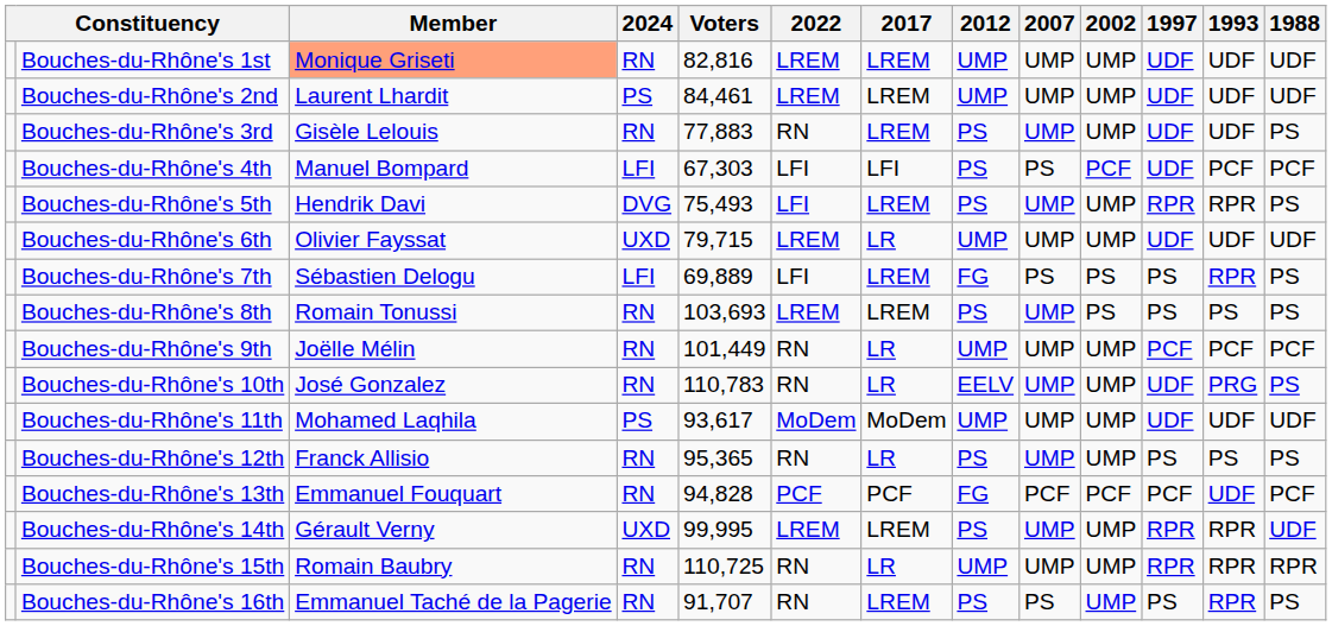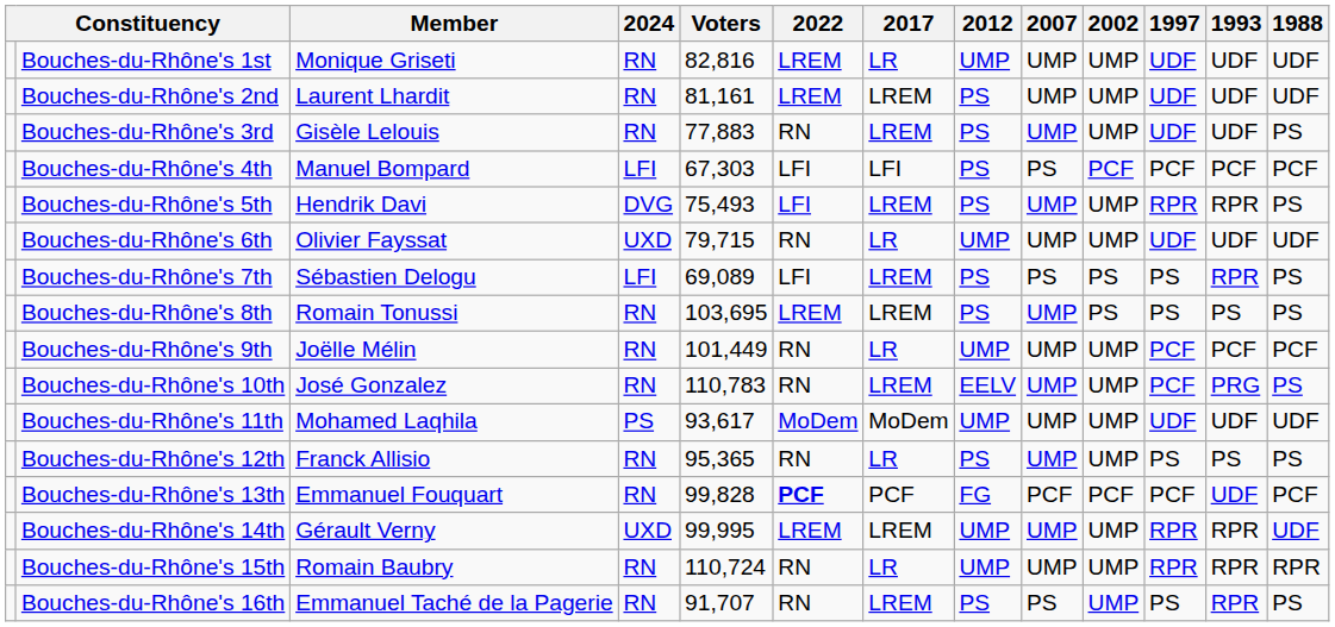 <table class="wikitable sortable">
 <tr>
 <th colspan="2">Constituency</th>
 <th>Member</th>
 <th>2024</th>
 <th>Voters</th>
 <th>2022</th>
 <th>2017</th>
 <th>2012</th>
 <th>2007</th>
 <th>2002</th>
 <th>1997</th>
 <th>1993</th>
 <th>1988</th>
 </tr>
 <tr>
 <td style="background-color: "></td>
 <td><a href='#'>Bouches-du-Rhône's 1st</a></td>
-<td style="background: lightsalmon;"><a href='#'>Monique Griseti</a></td>
+<td><a href='#'>Monique Griseti</a></td>
 <td><a href='#'>RN</a></td>
 <td>82,816</td>
 <td><a href='#'>LREM</a></td>
-<td><a href='#'>LREM</a></td>
+<td><a href='#'>LR</a></td>
 <td bgcolor=><a href='#'>UMP</a></td>
 <td bgcolor=>UMP</td>
 <td bgcolor=>UMP</td>
 <td bgcolor=><a href='#'>UDF</a></td>
 <td bgcolor=>UDF</td>
 <td bgcolor=>UDF</td>
 </tr>
 <tr>
 <td style="background-color: "></td>
 <td><a href='#'>Bouches-du-Rhône's 2nd</a></td>
 <td><a href='#'>Laurent Lhardit</a></td>
-<td bgcolor=><a href='#'>PS</a></td>
-<td>84,461</td>
+<td><a href='#'>RN</a></td>
+<td>81,161</td>
 <td><a href='#'>LREM</a></td>
 <td>LREM</td>
-<td bgcolor=><a href='#'>UMP</a></td>
+<td bgcolor=><a href='#'>PS</a></td>
 <td bgcolor=>UMP</td>
 <td bgcolor=>UMP</td>
 <td bgcolor=><a href='#'>UDF</a></td>
 <td bgcolor=>UDF</td>
 <td bgcolor=>UDF</td>
 </tr>
 <tr>
 <td style="background-color: "></td>
 <td><a href='#'>Bouches-du-Rhône's 3rd</a></td>
 <td><a href='#'>Gisèle Lelouis</a></td>
 <td><a href='#'>RN</a></td>
 <td>77,883</td>
 <td>RN</td>
 <td><a href='#'>LREM</a></td>
 <td bgcolor=><a href='#'>PS</a></td>
 <td bgcolor=><a href='#'>UMP</a></td>
 <td bgcolor=>UMP</td>
 <td bgcolor=><a href='#'>UDF</a></td>
 <td bgcolor=>UDF</td>
 <td bgcolor=>PS</td>
 </tr>
 <tr>
 <td style="background-color: "></td>
 <td><a href='#'>Bouches-du-Rhône's 4th</a></td>
 <td><a href='#'>Manuel Bompard</a></td>
 <td><a href='#'>LFI</a></td>
 <td>67,303</td>
 <td>LFI</td>
 <td>LFI</td>
 <td bgcolor=><a href='#'>PS</a></td>
 <td bgcolor=>PS</td>
 <td bgcolor=><a href='#'>PCF</a></td>
-<td bgcolor=><a href='#'>UDF</a></td>
+<td bgcolor=>PCF</td>
 <td bgcolor=>PCF</td>
 <td bgcolor=>PCF</td>
 </tr>
 <tr>
 <td style="background-color: "></td>
 <td><a href='#'>Bouches-du-Rhône's 5th</a></td>
 <td><a href='#'>Hendrik Davi</a></td>
 <td><a href='#'>DVG</a></td>
 <td>75,493</td>
 <td><a href='#'>LFI</a></td>
 <td><a href='#'>LREM</a></td>
 <td bgcolor=><a href='#'>PS</a></td>
 <td bgcolor=><a href='#'>UMP</a></td>
 <td bgcolor=>UMP</td>
 <td bgcolor=><a href='#'>RPR</a></td>
 <td bgcolor=>RPR</td>
 <td bgcolor=>PS</td>
 </tr>
 <tr>
 <td style="background-color: "></td>
 <td><a href='#'>Bouches-du-Rhône's 6th</a></td>
 <td><a href='#'>Olivier Fayssat</a></td>
 <td><a href='#'>UXD</a></td>
 <td>79,715</td>
-<td><a href='#'>LREM</a></td>
+<td>RN</td>
 <td><a href='#'>LR</a></td>
 <td bgcolor=><a href='#'>UMP</a></td>
 <td bgcolor=>UMP</td>
 <td bgcolor=>UMP</td>
 <td bgcolor=><a href='#'>UDF</a></td>
 <td bgcolor=>UDF</td>
 <td bgcolor=>UDF</td>
 </tr>
 <tr>
 <td style="background-color: "></td>
 <td><a href='#'>Bouches-du-Rhône's 7th</a></td>
 <td><a href='#'>Sébastien Delogu</a></td>
 <td><a href='#'>LFI</a></td>
-<td>69,889</td>
+<td>69,089</td>
 <td>LFI</td>
 <td><a href='#'>LREM</a></td>
-<td bgcolor=><a href='#'>FG</a></td>
+<td bgcolor=><a href='#'>PS</a></td>
 <td bgcolor=>PS</td>
 <td bgcolor=>PS</td>
 <td bgcolor=>PS</td>
 <td bgcolor=><a href='#'>RPR</a></td>
 <td bgcolor=>PS</td>
 </tr>
 <tr>
 <td style="background-color: "></td>
 <td><a href='#'>Bouches-du-Rhône's 8th</a></td>
 <td><a href='#'>Romain Tonussi</a></td>
 <td><a href='#'>RN</a></td>
-<td>103,693</td>
+<td>103,695</td>
 <td><a href='#'>LREM</a></td>
 <td>LREM</td>
 <td bgcolor=><a href='#'>PS</a></td>
 <td bgcolor=><a href='#'>UMP</a></td>
 <td bgcolor=>PS</td>
 <td bgcolor=>PS</td>
 <td bgcolor=>PS</td>
 <td bgcolor=>PS</td>
 </tr>
 <tr>
 <td style="background-color: "></td>
 <td><a href='#'>Bouches-du-Rhône's 9th</a></td>
 <td><a href='#'>Joëlle Mélin</a></td>
 <td><a href='#'>RN</a></td>
 <td>101,449</td>
 <td>RN</td>
 <td><a href='#'>LR</a></td>
 <td bgcolor=><a href='#'>UMP</a></td>
 <td bgcolor=>UMP</td>
 <td bgcolor=>UMP</td>
 <td bgcolor=><a href='#'>PCF</a></td>
 <td bgcolor=>PCF</td>
 <td bgcolor=>PCF</td>
 </tr>
 <tr>
 <td style="background-color: "></td>
 <td><a href='#'>Bouches-du-Rhône's 10th</a></td>
 <td><a href='#'>José  Gonzalez</a></td>
 <td><a href='#'>RN</a></td>
 <td>110,783</td>
 <td>RN</td>
-<td><a href='#'>LR</a></td>
+<td><a href='#'>LREM</a></td>
 <td bgcolor=><a href='#'>EELV</a></td>
 <td bgcolor=><a href='#'>UMP</a></td>
 <td bgcolor=>UMP</td>
-<td bgcolor=><a href='#'>UDF</a></td>
+<td bgcolor=><a href='#'>PCF</a></td>
 <td bgcolor=><a href='#'>PRG</a></td>
 <td bgcolor=><a href='#'>PS</a></td>
 </tr>
 <tr>
 <td style="background-color: "></td>
 <td><a href='#'>Bouches-du-Rhône's 11th</a></td>
 <td><a href='#'>Mohamed Laqhila</a></td>
 <td><a href='#'>PS</a></td>
 <td>93,617</td>
 <td><a href='#'>MoDem</a></td>
 <td>MoDem</td>
 <td bgcolor=><a href='#'>UMP</a></td>
 <td bgcolor=>UMP</td>
 <td bgcolor=>UMP</td>
 <td bgcolor=><a href='#'>UDF</a></td>
 <td bgcolor=>UDF</td>
 <td bgcolor=>UDF</td>
 </tr>
 <tr>
 <td style="background-color: "></td>
 <td><a href='#'>Bouches-du-Rhône's 12th</a></td>
 <td><a href='#'>Franck Allisio</a></td>
 <td><a href='#'>RN</a></td>
 <td>95,365</td>
 <td>RN</td>
 <td><a href='#'>LR</a></td>
 <td bgcolor=><a href='#'>PS</a></td>
 <td bgcolor=><a href='#'>UMP</a></td>
 <td bgcolor=>UMP</td>
 <td bgcolor=>PS</td>
 <td bgcolor=>PS</td>
 <td bgcolor=>PS</td>
 </tr>
 <tr>
 <td style="background-color: "></td>
 <td><a href='#'>Bouches-du-Rhône's 13th</a></td>
 <td><a href='#'>Emmanuel Fouquart</a></td>
 <td><a href='#'>RN</a></td>
-<td>94,828</td>
-<td><a href='#'>PCF</a></td>
+<td>99,828</td>
+<td><strong><a href='#'>PCF</a></strong></td>
 <td>PCF</td>
 <td bgcolor=><a href='#'>FG</a></td>
 <td bgcolor=>PCF</td>
 <td bgcolor=>PCF</td>
 <td bgcolor=>PCF</td>
 <td bgcolor=><a href='#'>UDF</a></td>
 <td bgcolor=>PCF</td>
 </tr>
 <tr>
 <td style="background-color: "></td>
 <td><a href='#'>Bouches-du-Rhône's 14th</a></td>
 <td><a href='#'>Gérault Verny</a></td>
 <td><a href='#'>UXD</a></td>
 <td>99,995</td>
 <td><a href='#'>LREM</a></td>
 <td>LREM</td>
-<td bgcolor=><a href='#'>PS</a></td>
+<td bgcolor=><a href='#'>UMP</a></td>
 <td bgcolor=><a href='#'>UMP</a></td>
 <td bgcolor=>UMP</td>
 <td bgcolor=><a href='#'>RPR</a></td>
 <td bgcolor=>RPR</td>
 <td bgcolor=><a href='#'>UDF</a></td>
 </tr>
 <tr>
 <td style="background-color: "></td>
 <td><a href='#'>Bouches-du-Rhône's 15th</a></td>
 <td><a href='#'>Romain Baubry</a></td>
 <td><a href='#'>RN</a></td>
-<td>110,725</td>
+<td>110,724</td>
 <td>RN</td>
 <td><a href='#'>LR</a></td>
 <td bgcolor=><a href='#'>UMP</a></td>
 <td bgcolor=>UMP</td>
 <td bgcolor=>UMP</td>
 <td bgcolor=><a href='#'>RPR</a></td>
 <td bgcolor=>RPR</td>
 <td bgcolor=>RPR</td>
 </tr>
 <tr>
 <td style="background-color: "></td>
 <td><a href='#'>Bouches-du-Rhône's 16th</a></td>
 <td><a href='#'>Emmanuel Taché de la Pagerie</a></td>
 <td><a href='#'>RN</a></td>
 <td>91,707</td>
 <td>RN</td>
 <td><a href='#'>LREM</a></td>
 <td bgcolor=><a href='#'>PS</a></td>
 <td bgcolor=>PS</td>
 <td bgcolor=><a href='#'>UMP</a></td>
 <td bgcolor=>PS</td>
 <td bgcolor=><a href='#'>RPR</a></td>
 <td bgcolor=>PS</td>
 </tr>
 </table>
